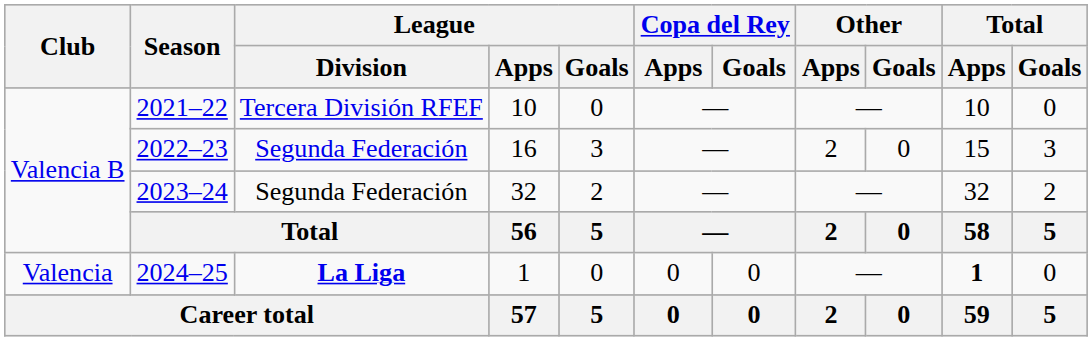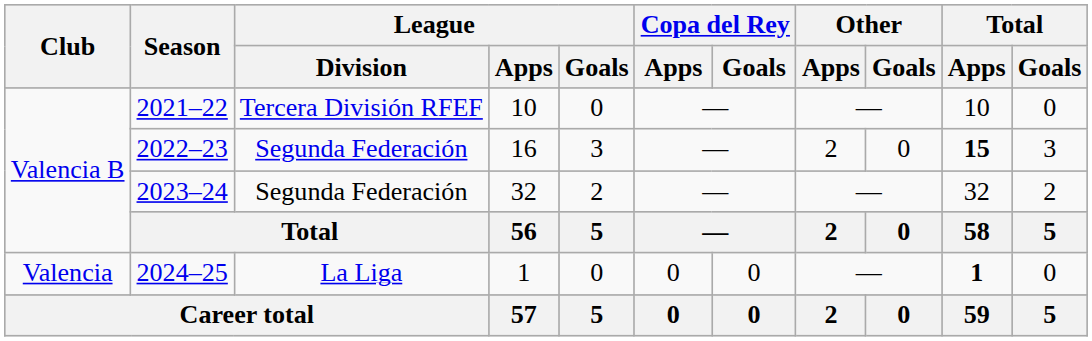 <table class=wikitable style=text-align:center>
 <tr>
 <th rowspan="2">Club</th>
 <th rowspan="2">Season</th>
 <th colspan="3">League</th>
 <th colspan="2"><a href='#'>Copa del Rey</a></th>
 <th colspan="2">Other</th>
 <th colspan="2">Total</th>
 </tr>
 <tr>
 <th>Division</th>
 <th>Apps</th>
 <th>Goals</th>
 <th>Apps</th>
 <th>Goals</th>
 <th>Apps</th>
 <th>Goals</th>
 <th>Apps</th>
 <th>Goals</th>
 </tr>
 <tr>
 <td rowspan="4"><a href='#'>Valencia B</a></td>
 <td><a href='#'>2021–22</a></td>
 <td><a href='#'>Tercera División RFEF</a></td>
 <td>10</td>
 <td>0</td>
 <td colspan="2">—</td>
 <td colspan="2">—</td>
 <td>10</td>
 <td>0</td>
 </tr>
 <tr>
 <td><a href='#'>2022–23</a></td>
 <td><a href='#'>Segunda Federación</a></td>
 <td>16</td>
 <td>3</td>
 <td colspan="2">—</td>
 <td>2</td>
 <td>0</td>
-<td>15</td>
+<td><strong>15</strong></td>
 <td>3</td>
 </tr>
 <tr>
 <td><a href='#'>2023–24</a></td>
 <td>Segunda Federación</td>
 <td>32</td>
 <td>2</td>
 <td colspan="2">—</td>
 <td colspan="2">—</td>
 <td>32</td>
 <td>2</td>
 </tr>
 <tr>
 <th colspan="2">Total</th>
 <th>56</th>
 <th>5</th>
 <th colspan="2">—</th>
 <th>2</th>
 <th>0</th>
 <th>58</th>
 <th>5</th>
 </tr>
 <tr>
 <td><a href='#'>Valencia</a></td>
 <td><a href='#'>2024–25</a></td>
-<td><strong><a href='#'>La Liga</a></strong></td>
+<td><a href='#'>La Liga</a></td>
 <td>1</td>
 <td>0</td>
 <td>0</td>
 <td>0</td>
 <td colspan="2">—</td>
 <td><strong>1</strong></td>
 <td>0</td>
 </tr>
 <tr>
 <th colspan="3">Career total</th>
 <th>57</th>
 <th>5</th>
 <th>0</th>
 <th>0</th>
 <th>2</th>
 <th>0</th>
 <th>59</th>
 <th>5</th>
 </tr>
 </table>
